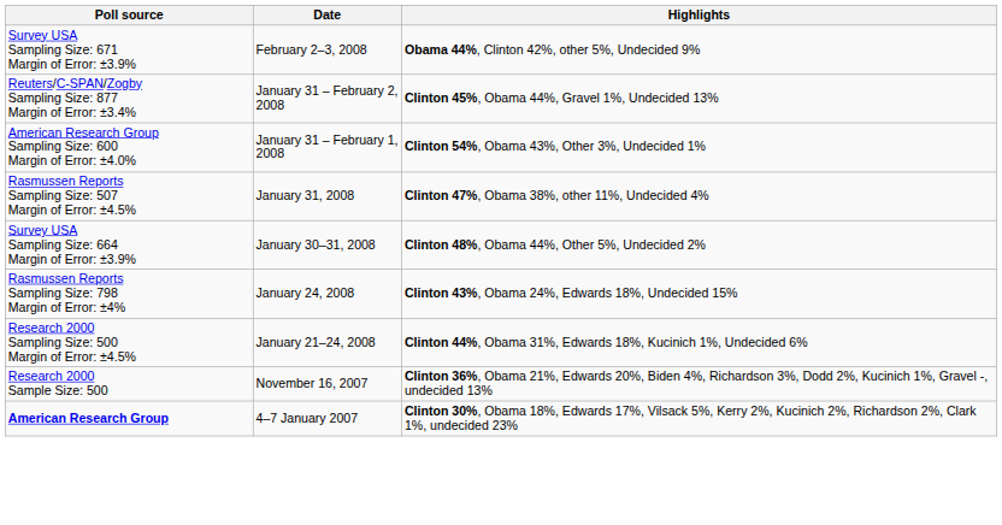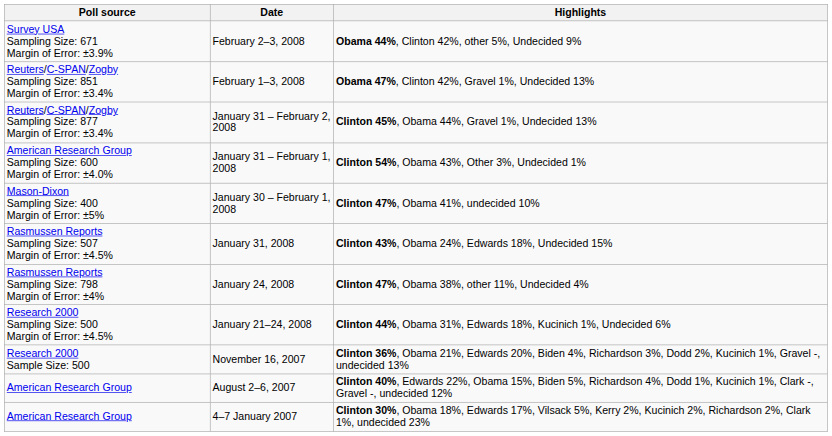 <table class="wikitable sortable">
 <tr>
 <th width="25%">Poll source</th>
 <th width="15%">Date</th>
 <th width="60%">Highlights</th>
 </tr>
 <tr>
 <td><a href='#'>Survey USA</a><br>Sampling Size: 671<br> Margin of Error: ±3.9%</td>
 <td>February 2–3, 2008</td>
 <td><strong>Obama 44%</strong>, Clinton 42%, other 5%, Undecided 9%</td>
 </tr>
 <tr>
+<td><a href='#'>Reuters</a>/<a href='#'>C-SPAN</a>/<a href='#'>Zogby</a><br>Sampling Size: 851<br> Margin of Error: ±3.4%</td>
+<td>February 1–3, 2008</td>
+<td><strong>Obama 47%</strong>, Clinton 42%, Gravel 1%, Undecided 13%</td>
+</tr>
+<tr>
 <td><a href='#'>Reuters</a>/<a href='#'>C-SPAN</a>/<a href='#'>Zogby</a><br>Sampling Size: 877<br> Margin of Error: ±3.4%</td>
 <td>January 31 – February 2, 2008</td>
 <td><strong>Clinton 45%</strong>, Obama 44%, Gravel 1%, Undecided 13%</td>
 </tr>
 <tr>
 <td><a href='#'>American Research Group</a><br>Sampling Size: 600<br> Margin of Error: ±4.0%</td>
 <td>January 31 – February 1, 2008</td>
 <td><strong>Clinton 54%</strong>, Obama 43%, Other 3%, Undecided 1%</td>
 </tr>
 <tr>
+<td><a href='#'>Mason-Dixon</a><br>Sampling Size: 400<br> Margin of Error: ±5%</td>
+<td>January 30 – February 1, 2008</td>
+<td><strong>Clinton 47%</strong>, Obama 41%, undecided 10%</td>
+</tr>
+<tr>
 <td><a href='#'>Rasmussen Reports</a><br>Sampling Size: 507<br> Margin of Error: ±4.5%</td>
 <td>January 31, 2008</td>
-<td><strong>Clinton 47%</strong>, Obama 38%, other 11%, Undecided 4%</td>
-</tr>
-<tr>
-<td><a href='#'>Survey USA</a><br>Sampling Size: 664<br> Margin of Error: ±3.9%</td>
-<td>January 30–31, 2008</td>
-<td><strong>Clinton 48%</strong>, Obama 44%, Other 5%, Undecided 2%</td>
+<td><strong>Clinton 43%</strong>, Obama 24%, Edwards 18%, Undecided 15%</td>
 </tr>
 <tr>
 <td><a href='#'>Rasmussen Reports</a><br>Sampling Size: 798<br> Margin of Error: ±4%</td>
 <td>January 24, 2008</td>
-<td><strong>Clinton 43%</strong>, Obama 24%, Edwards 18%, Undecided 15%</td>
+<td><strong>Clinton 47%</strong>, Obama 38%, other 11%, Undecided 4%</td>
 </tr>
 <tr>
 <td><a href='#'>Research 2000</a><br>Sampling Size: 500<br> Margin of Error: ±4.5%</td>
 <td>January 21–24, 2008</td>
 <td><strong>Clinton 44%</strong>, Obama 31%, Edwards 18%, Kucinich 1%, Undecided 6%</td>
 </tr>
 <tr>
 <td><a href='#'>Research 2000</a><br>Sample Size: 500</td>
 <td>November 16, 2007</td>
 <td><strong>Clinton 36%</strong>, Obama 21%, Edwards 20%, Biden 4%, Richardson 3%, Dodd 2%, Kucinich 1%, Gravel -, undecided 13%</td>
 </tr>
 <tr>
-<td><strong><a href='#'>American Research Group</a></strong></td>
+<td><a href='#'>American Research Group</a></td>
+<td>August 2–6, 2007</td>
+<td><strong>Clinton 40%</strong>, Edwards 22%, Obama 15%, Biden 5%, Richardson 4%, Dodd 1%, Kucinich 1%, Clark -, Gravel -, undecided 12%</td>
+</tr>
+<tr>
+<td><a href='#'>American Research Group</a></td>
 <td>4–7 January 2007</td>
 <td><strong>Clinton 30%</strong>, Obama 18%, Edwards 17%, Vilsack 5%, Kerry 2%, Kucinich 2%, Richardson 2%, Clark 1%, undecided 23%</td>
 </tr>
 </table>
